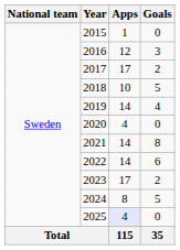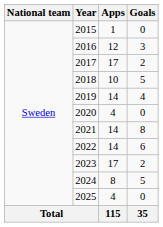 <table class="wikitable" style="text-align:center">
 <tr>
 <th>National team</th>
 <th>Year</th>
 <th>Apps</th>
 <th>Goals</th>
 </tr>
 <tr>
 <td rowspan="11"><a href='#'>Sweden</a></td>
 <td>2015</td>
 <td>1</td>
 <td>0</td>
 </tr>
 <tr>
 <td>2016</td>
 <td>12</td>
 <td>3</td>
 </tr>
 <tr>
 <td>2017</td>
 <td>17</td>
 <td>2</td>
 </tr>
 <tr>
 <td>2018</td>
 <td>10</td>
 <td>5</td>
 </tr>
 <tr>
 <td>2019</td>
 <td>14</td>
 <td>4</td>
 </tr>
 <tr>
 <td>2020</td>
 <td>4</td>
 <td>0</td>
 </tr>
 <tr>
 <td>2021</td>
 <td>14</td>
 <td>8</td>
 </tr>
 <tr>
 <td>2022</td>
 <td>14</td>
 <td>6</td>
 </tr>
 <tr>
 <td>2023</td>
 <td>17</td>
 <td>2</td>
 </tr>
 <tr>
 <td>2024</td>
 <td>8</td>
 <td>5</td>
 </tr>
 <tr>
 <td>2025</td>
-<td style="background: lavender;">4</td>
+<td>4</td>
 <td>0</td>
 </tr>
 <tr>
 <th colspan="2">Total</th>
 <th>115</th>
 <th>35</th>
 </tr>
 </table>
